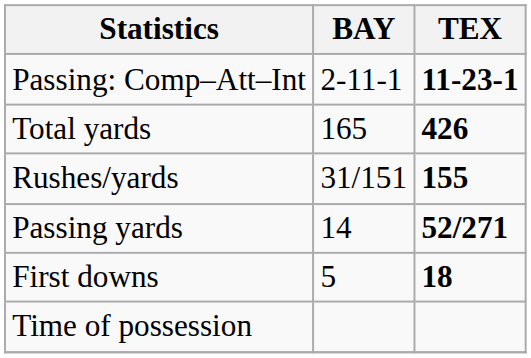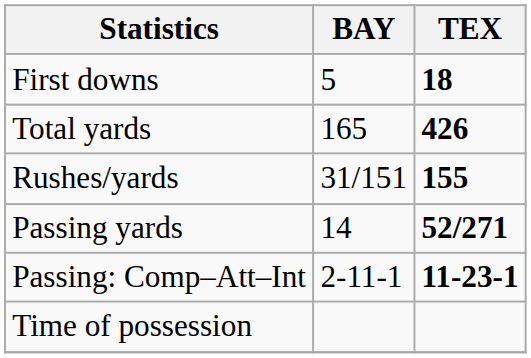 <table class="wikitable" style="float: left;">
 <tr>
 <th>Statistics</th>
 <th>BAY</th>
 <th>TEX</th>
 </tr>
 <tr>
-<td>Passing: Comp–Att–Int</td>
-<td>2-11-1</td>
-<td><strong>11-23-1</strong></td>
+<td>First downs</td>
+<td>5</td>
+<td><strong>18</strong></td>
 </tr>
 <tr>
 <td>Total yards</td>
 <td>165</td>
 <td><strong>426</strong></td>
 </tr>
 <tr>
 <td>Rushes/yards</td>
 <td>31/151</td>
 <td><strong>155</strong></td>
 </tr>
 <tr>
 <td>Passing yards</td>
 <td>14</td>
 <td><strong>52/271</strong></td>
 </tr>
 <tr>
-<td>First downs</td>
-<td>5</td>
-<td><strong>18</strong></td>
+<td>Passing: Comp–Att–Int</td>
+<td>2-11-1</td>
+<td><strong>11-23-1</strong></td>
 </tr>
 <tr>
 <td>Time of possession</td>
 <td></td>
 <td></td>
 </tr>
 <tr>
 </tr>
 </table>
